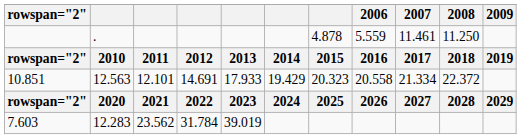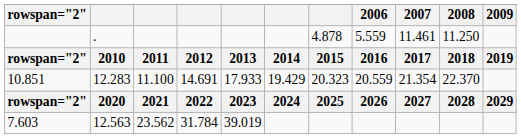 <table class="wikitable">
 <tr style="background: #cccccc;">
 </tr>
 <tr>
 <th>rowspan="2" </th>
 <th></th>
 <th></th>
 <th></th>
 <th></th>
 <th></th>
 <th></th>
 <th>2006</th>
 <th>2007</th>
 <th>2008</th>
 <th>2009</th>
 </tr>
 <tr>
 <td></td>
 <td>.</td>
 <td></td>
 <td></td>
 <td></td>
 <td></td>
 <td>4.878</td>
 <td>5.559</td>
 <td>11.461</td>
 <td>11.250</td>
 </tr>
 <tr>
 <th>rowspan="2" </th>
 <th>2010</th>
 <th>2011</th>
 <th>2012</th>
 <th>2013</th>
 <th>2014</th>
 <th>2015</th>
 <th>2016</th>
 <th>2017</th>
 <th>2018</th>
 <th>2019</th>
 </tr>
 <tr>
 <td>10.851</td>
-<td>12.563</td>
-<td>12.101</td>
+<td>12.283</td>
+<td>11.100</td>
 <td>14.691</td>
 <td>17.933</td>
 <td>19.429</td>
 <td>20.323</td>
-<td>20.558</td>
-<td>21.334</td>
-<td>22.372</td>
+<td>20.559</td>
+<td>21.354</td>
+<td>22.370</td>
 </tr>
 <tr>
 <th>rowspan="2" </th>
 <th>2020</th>
 <th>2021</th>
 <th>2022</th>
 <th>2023</th>
 <th>2024</th>
 <th>2025</th>
 <th>2026</th>
 <th>2027</th>
 <th>2028</th>
 <th>2029</th>
 </tr>
 <tr>
 <td>7.603</td>
-<td>12.283</td>
+<td>12.563</td>
 <td>23.562</td>
 <td>31.784</td>
 <td>39.019</td>
 <td></td>
 <td></td>
 <td></td>
 <td></td>
 <td></td>
 </tr>
 </table>
